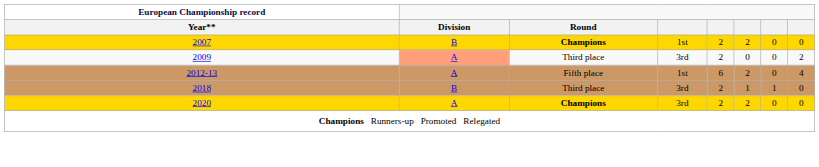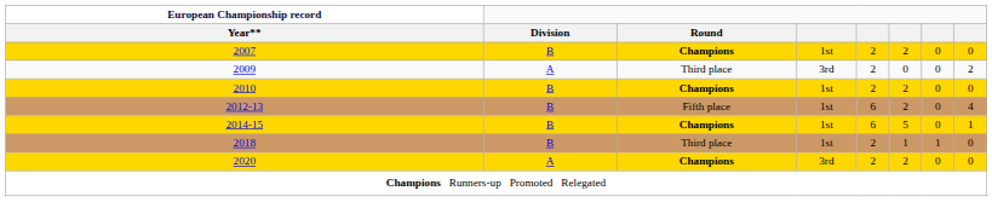 <table class="wikitable" style="font-size:90%; text-align:center; width:80%">
 <tr>
 <th style="background:white; color:#0B0B3F; ">European Championship record</th>
 </tr>
 <tr>
 <th scope="col">Year**</th>
 <th scope="col">Division</th>
 <th scope="col">Round</th>
 <th scope="col"></th>
 <th scope="col"></th>
 <th scope="col"></th>
 <th scope="col"></th>
 <th scope="col"></th>
 </tr>
 <tr style="background:gold">
 <td scope="row"><a href='#'>2007</a></td>
 <td><a href='#'>B</a></td>
 <td><strong>Champions</strong></td>
 <td>1st</td>
 <td>2</td>
 <td>2</td>
 <td>0</td>
 <td>0</td>
 </tr>
 <tr>
 <td scope="row"><a href='#'>2009</a></td>
-<td style="background: lightsalmon;"><a href='#'>A</a></td>
+<td><a href='#'>A</a></td>
 <td>Third place</td>
 <td>3rd</td>
 <td>2</td>
 <td>0</td>
 <td>0</td>
 <td>2</td>
 </tr>
+<tr style="background:gold">
+<td scope="row"><a href='#'>2010</a></td>
+<td><a href='#'>B</a></td>
+<td><strong>Champions</strong></td>
+<td>1st</td>
+<td>2</td>
+<td>2</td>
+<td>0</td>
+<td>0</td>
+</tr>
 <tr style="background:#cc9966">
 <td scope="row"><a href='#'>2012-13</a></td>
-<td><a href='#'>A</a></td>
+<td><a href='#'>B</a></td>
 <td>Fifth place</td>
 <td>1st</td>
 <td>6</td>
 <td>2</td>
 <td>0</td>
 <td>4</td>
 </tr>
+<tr style="background:gold">
+<td scope="row"><a href='#'>2014-15</a></td>
+<td><a href='#'>B</a></td>
+<td><strong>Champions</strong></td>
+<td>1st</td>
+<td>6</td>
+<td>5</td>
+<td>0</td>
+<td>1</td>
+</tr>
 <tr style="background:#cc9966">
 <td scope="row"><a href='#'>2018</a></td>
 <td><a href='#'>B</a></td>
 <td>Third place</td>
-<td>3rd</td>
+<td>1st</td>
 <td>2</td>
 <td>1</td>
 <td>1</td>
 <td>0</td>
 </tr>
 <tr style="background:gold">
 <td scope="row"><a href='#'>2020</a></td>
 <td><a href='#'>A</a></td>
 <td><strong>Champions</strong></td>
 <td>3rd</td>
 <td>2</td>
 <td>2</td>
 <td>0</td>
 <td>0</td>
 </tr>
 <tr>
 <td colspan="8" style="background:white;padding:.5em"> <strong>Champions</strong>   Runners-up   Promoted   Relegated</td>
 </tr>
 </table>
